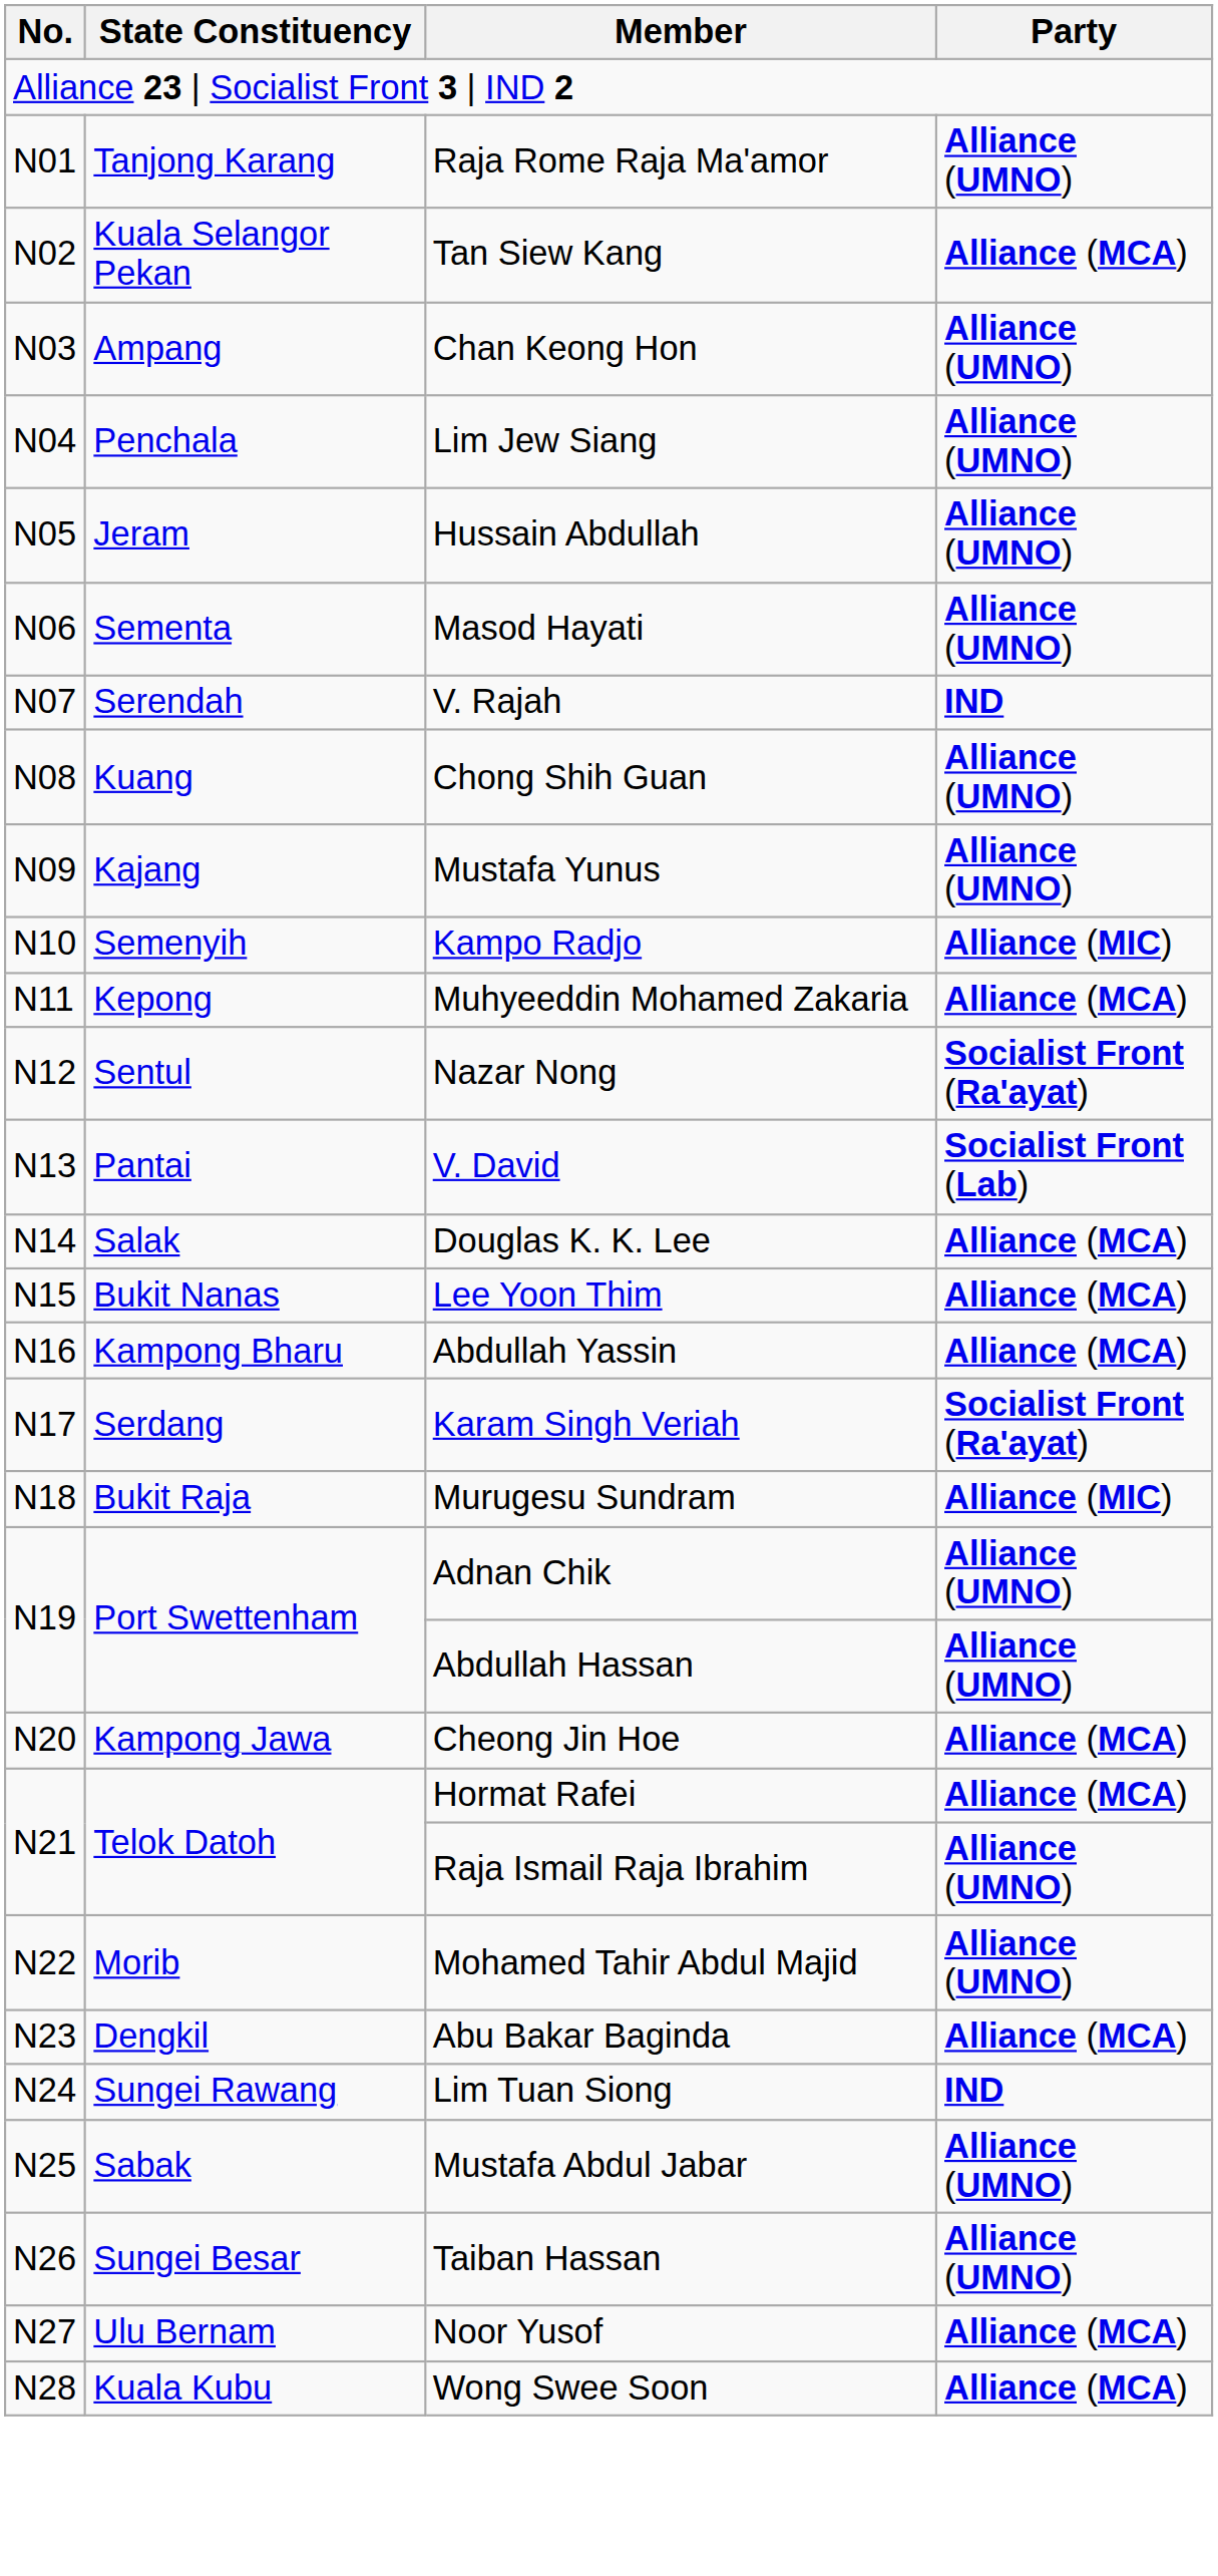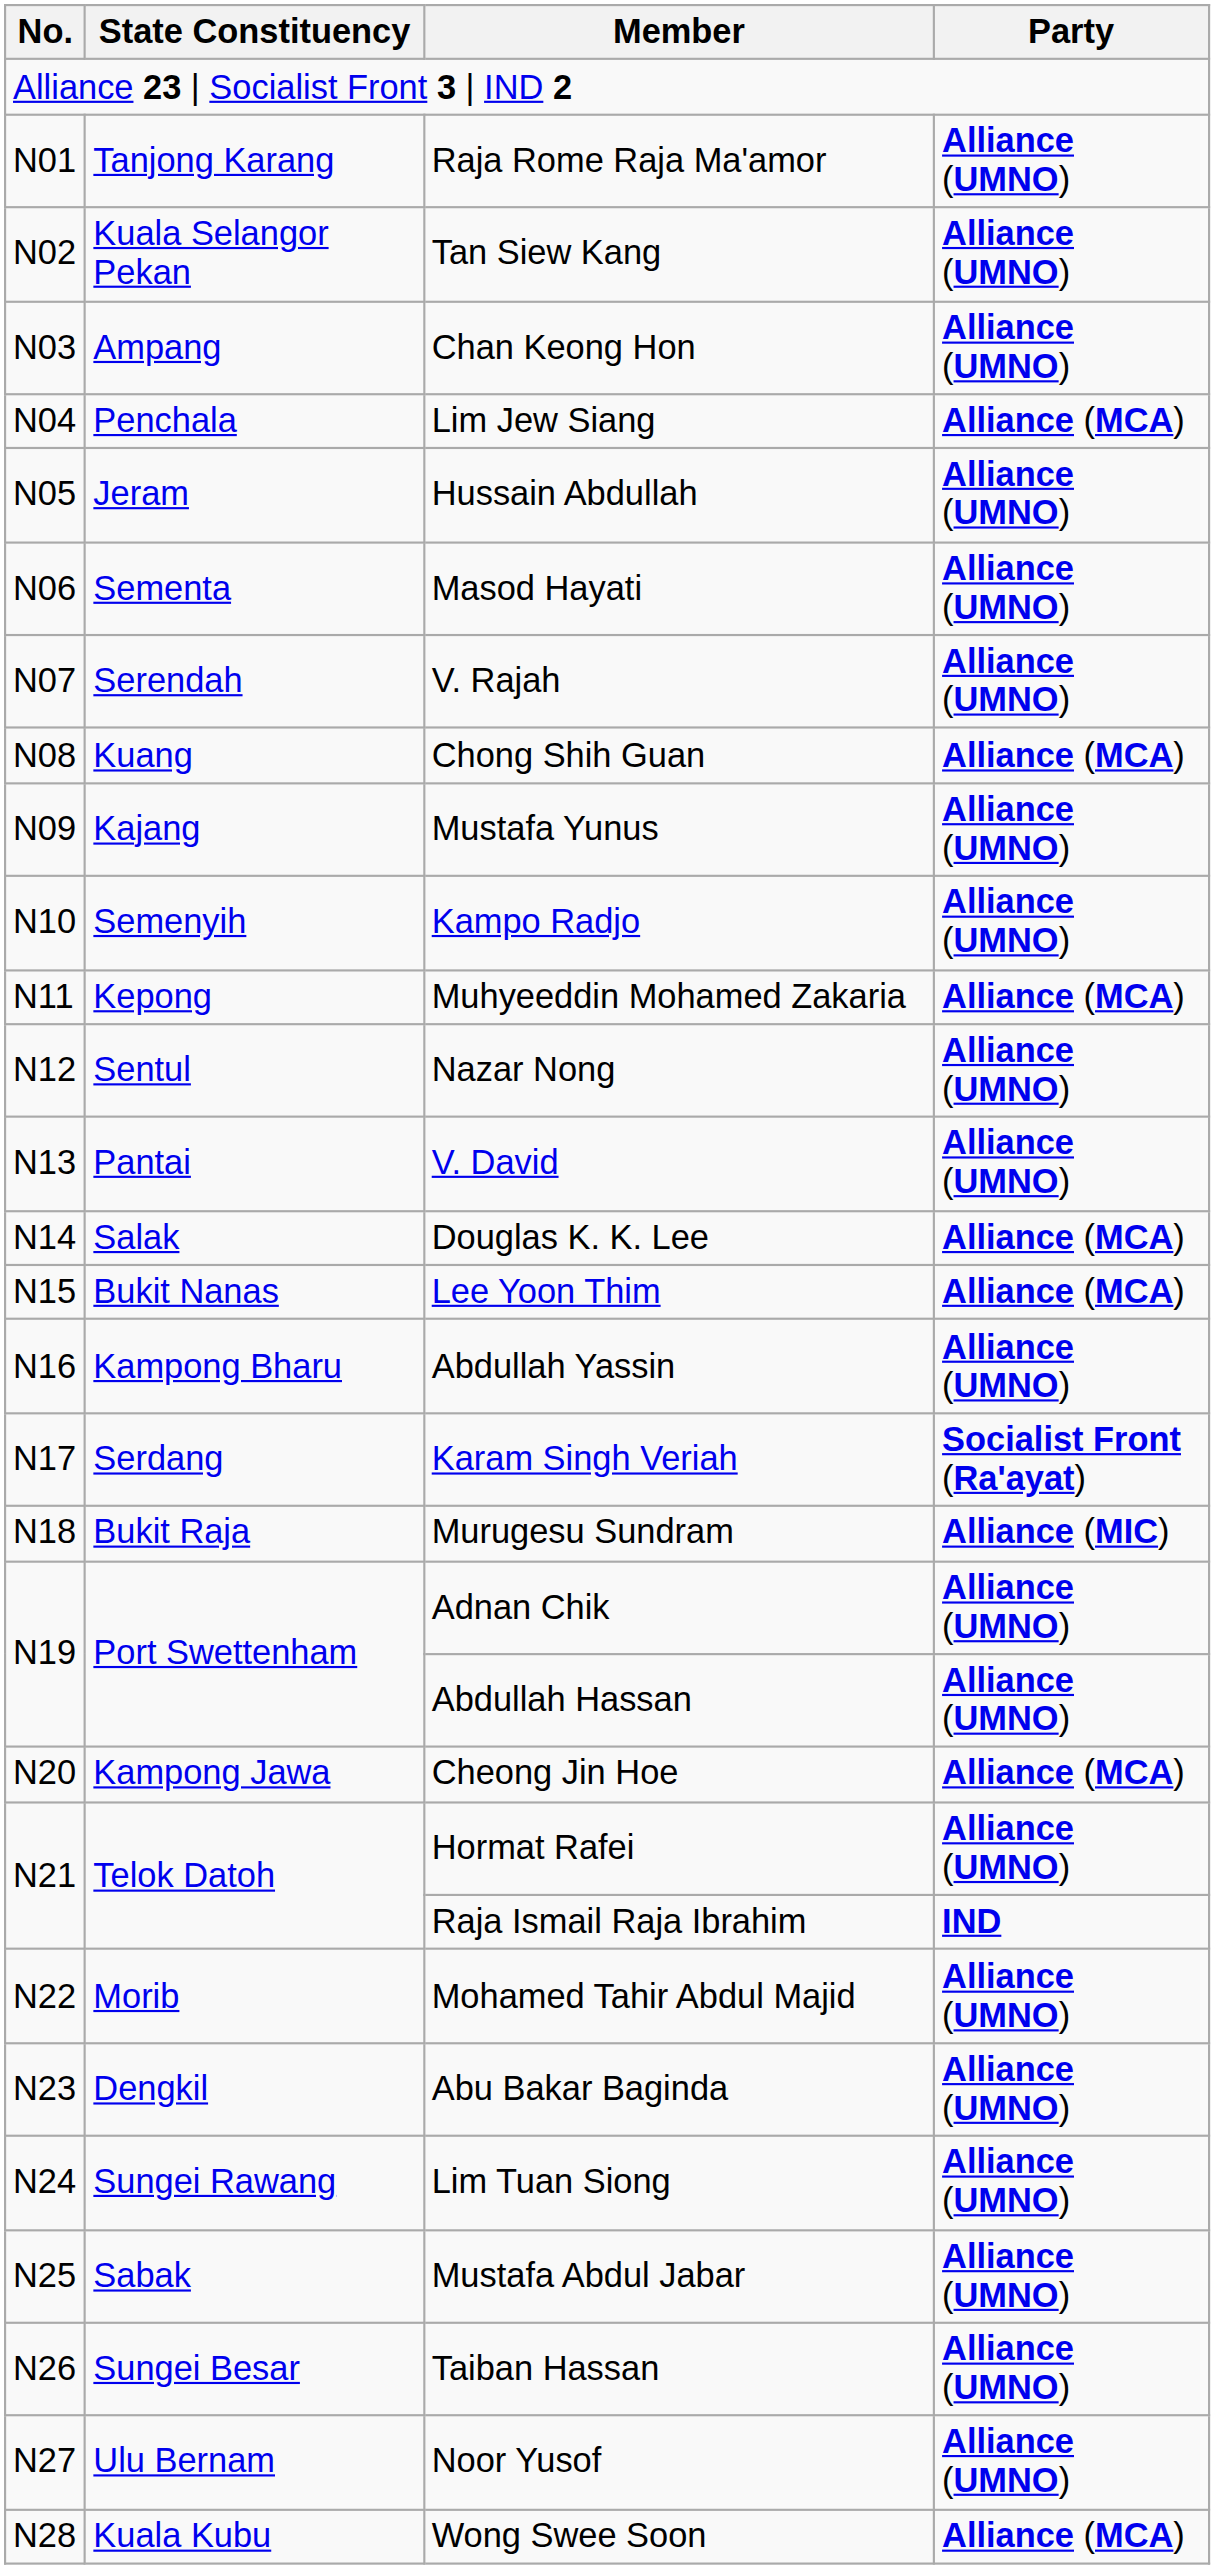 <table class="wikitable sortable">
 <tr>
 <th style="width:30px;">No.</th>
 <th style="width:150px;">State Constituency</th>
 <th style="width:230px;">Member</th>
 <th style="width:120px;">Party</th>
 </tr>
 <tr>
 <td colspan="4"><a href='#'>Alliance</a> <strong>23</strong> | <a href='#'>Socialist Front</a> <strong>3</strong> | <a href='#'>IND</a> <strong>2</strong></td>
 </tr>
 <tr>
 <td>N01</td>
 <td><a href='#'>Tanjong Karang</a></td>
 <td>Raja Rome Raja Ma'amor</td>
 <td><strong><a href='#'>Alliance</a></strong> (<strong><a href='#'>UMNO</a></strong>)</td>
 </tr>
 <tr>
 <td>N02</td>
 <td><a href='#'>Kuala Selangor Pekan</a></td>
 <td>Tan Siew Kang</td>
-<td><strong><a href='#'>Alliance</a></strong> (<strong><a href='#'>MCA</a></strong>)</td>
+<td><strong><a href='#'>Alliance</a></strong> (<strong><a href='#'>UMNO</a></strong>)</td>
 </tr>
 <tr>
 <td>N03</td>
 <td><a href='#'>Ampang</a></td>
 <td>Chan Keong Hon</td>
 <td><strong><a href='#'>Alliance</a></strong> (<strong><a href='#'>UMNO</a></strong>)</td>
 </tr>
 <tr>
 <td>N04</td>
 <td><a href='#'>Penchala</a></td>
 <td>Lim Jew Siang</td>
-<td><strong><a href='#'>Alliance</a></strong> (<strong><a href='#'>UMNO</a></strong>)</td>
+<td><strong><a href='#'>Alliance</a></strong> (<strong><a href='#'>MCA</a></strong>)</td>
 </tr>
 <tr>
 <td>N05</td>
 <td><a href='#'>Jeram</a></td>
 <td>Hussain Abdullah</td>
 <td><strong><a href='#'>Alliance</a></strong> (<strong><a href='#'>UMNO</a></strong>)</td>
 </tr>
 <tr>
 <td>N06</td>
 <td><a href='#'>Sementa</a></td>
 <td>Masod Hayati</td>
 <td><strong><a href='#'>Alliance</a></strong> (<strong><a href='#'>UMNO</a></strong>)</td>
 </tr>
 <tr>
 <td>N07</td>
 <td><a href='#'>Serendah</a></td>
 <td>V. Rajah</td>
-<td><strong><a href='#'>IND</a></strong></td>
+<td><strong><a href='#'>Alliance</a></strong> (<strong><a href='#'>UMNO</a></strong>)</td>
 </tr>
 <tr>
 <td>N08</td>
 <td><a href='#'>Kuang</a></td>
 <td>Chong Shih Guan</td>
-<td><strong><a href='#'>Alliance</a></strong> (<strong><a href='#'>UMNO</a></strong>)</td>
+<td><strong><a href='#'>Alliance</a></strong> (<strong><a href='#'>MCA</a></strong>)</td>
 </tr>
 <tr>
 <td>N09</td>
 <td><a href='#'>Kajang</a></td>
 <td>Mustafa Yunus</td>
 <td><strong><a href='#'>Alliance</a></strong> (<strong><a href='#'>UMNO</a></strong>)</td>
 </tr>
 <tr>
 <td>N10</td>
 <td><a href='#'>Semenyih</a></td>
 <td><a href='#'>Kampo Radjo</a></td>
-<td><strong><a href='#'>Alliance</a></strong> (<strong><a href='#'>MIC</a></strong>)</td>
+<td><strong><a href='#'>Alliance</a></strong> (<strong><a href='#'>UMNO</a></strong>)</td>
 </tr>
 <tr>
 <td>N11</td>
 <td><a href='#'>Kepong</a></td>
 <td>Muhyeeddin Mohamed Zakaria</td>
 <td><strong><a href='#'>Alliance</a></strong> (<strong><a href='#'>MCA</a></strong>)</td>
 </tr>
 <tr>
 <td>N12</td>
 <td><a href='#'>Sentul</a></td>
 <td>Nazar Nong</td>
-<td><strong><a href='#'>Socialist Front</a></strong> (<strong><a href='#'>Ra'ayat</a></strong>)</td>
+<td><strong><a href='#'>Alliance</a></strong> (<strong><a href='#'>UMNO</a></strong>)</td>
 </tr>
 <tr>
 <td>N13</td>
 <td><a href='#'>Pantai</a></td>
 <td><a href='#'>V. David</a></td>
-<td><strong><a href='#'>Socialist Front</a></strong> (<strong><a href='#'>Lab</a></strong>)</td>
+<td><strong><a href='#'>Alliance</a></strong> (<strong><a href='#'>UMNO</a></strong>)</td>
 </tr>
 <tr>
 <td>N14</td>
 <td><a href='#'>Salak</a></td>
 <td>Douglas K. K. Lee</td>
 <td><strong><a href='#'>Alliance</a></strong> (<strong><a href='#'>MCA</a></strong>)</td>
 </tr>
 <tr>
 <td>N15</td>
 <td><a href='#'>Bukit Nanas</a></td>
 <td><a href='#'>Lee Yoon Thim</a></td>
 <td><strong><a href='#'>Alliance</a></strong> (<strong><a href='#'>MCA</a></strong>)</td>
 </tr>
 <tr>
 <td>N16</td>
 <td><a href='#'>Kampong Bharu</a></td>
 <td>Abdullah Yassin</td>
-<td><strong><a href='#'>Alliance</a></strong> (<strong><a href='#'>MCA</a></strong>)</td>
+<td><strong><a href='#'>Alliance</a></strong> (<strong><a href='#'>UMNO</a></strong>)</td>
 </tr>
 <tr>
 <td>N17</td>
 <td><a href='#'>Serdang</a></td>
 <td><a href='#'>Karam Singh Veriah</a></td>
 <td><strong><a href='#'>Socialist Front</a></strong> (<strong><a href='#'>Ra'ayat</a></strong>)</td>
 </tr>
 <tr>
 <td>N18</td>
 <td><a href='#'>Bukit Raja</a></td>
 <td>Murugesu Sundram</td>
 <td><strong><a href='#'>Alliance</a></strong> (<strong><a href='#'>MIC</a></strong>)</td>
 </tr>
 <tr>
 <td rowspan=2>N19</td>
 <td rowspan=2><a href='#'>Port Swettenham</a></td>
 <td>Adnan Chik </td>
 <td><strong><a href='#'>Alliance</a></strong> (<strong><a href='#'>UMNO</a></strong>)</td>
 </tr>
 <tr>
 <td>Abdullah Hassan </td>
 <td><strong><a href='#'>Alliance</a></strong> (<strong><a href='#'>UMNO</a></strong>)</td>
 </tr>
 <tr>
 <td>N20</td>
 <td><a href='#'>Kampong Jawa</a></td>
 <td>Cheong Jin Hoe</td>
 <td><strong><a href='#'>Alliance</a></strong> (<strong><a href='#'>MCA</a></strong>)</td>
 </tr>
 <tr>
 <td rowspan=2>N21</td>
 <td rowspan=2><a href='#'>Telok Datoh</a></td>
 <td>Hormat Rafei </td>
-<td><strong><a href='#'>Alliance</a></strong> (<strong><a href='#'>MCA</a></strong>)</td>
+<td><strong><a href='#'>Alliance</a></strong> (<strong><a href='#'>UMNO</a></strong>)</td>
 </tr>
 <tr>
 <td>Raja Ismail Raja Ibrahim </td>
-<td><strong><a href='#'>Alliance</a></strong> (<strong><a href='#'>UMNO</a></strong>)</td>
+<td><strong><a href='#'>IND</a></strong></td>
 </tr>
 <tr>
 <td>N22</td>
 <td><a href='#'>Morib</a></td>
 <td>Mohamed Tahir Abdul Majid</td>
 <td><strong><a href='#'>Alliance</a></strong> (<strong><a href='#'>UMNO</a></strong>)</td>
 </tr>
 <tr>
 <td>N23</td>
 <td><a href='#'>Dengkil</a></td>
 <td>Abu Bakar Baginda</td>
-<td><strong><a href='#'>Alliance</a></strong> (<strong><a href='#'>MCA</a></strong>)</td>
+<td><strong><a href='#'>Alliance</a></strong> (<strong><a href='#'>UMNO</a></strong>)</td>
 </tr>
 <tr>
 <td>N24</td>
 <td><a href='#'>Sungei Rawang</a></td>
 <td>Lim Tuan Siong</td>
-<td><strong><a href='#'>IND</a></strong></td>
+<td><strong><a href='#'>Alliance</a></strong> (<strong><a href='#'>UMNO</a></strong>)</td>
 </tr>
 <tr>
 <td>N25</td>
 <td><a href='#'>Sabak</a></td>
 <td>Mustafa Abdul Jabar</td>
 <td><strong><a href='#'>Alliance</a></strong> (<strong><a href='#'>UMNO</a></strong>)</td>
 </tr>
 <tr>
 <td>N26</td>
 <td><a href='#'>Sungei Besar</a></td>
 <td>Taiban Hassan</td>
 <td><strong><a href='#'>Alliance</a></strong> (<strong><a href='#'>UMNO</a></strong>)</td>
 </tr>
 <tr>
 <td>N27</td>
 <td><a href='#'>Ulu Bernam</a></td>
 <td>Noor Yusof</td>
-<td><strong><a href='#'>Alliance</a></strong> (<strong><a href='#'>MCA</a></strong>)</td>
+<td><strong><a href='#'>Alliance</a></strong> (<strong><a href='#'>UMNO</a></strong>)</td>
 </tr>
 <tr>
 <td>N28</td>
 <td><a href='#'>Kuala Kubu</a></td>
 <td>Wong Swee Soon</td>
 <td><strong><a href='#'>Alliance</a></strong> (<strong><a href='#'>MCA</a></strong>)</td>
 </tr>
 </table>
